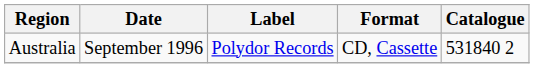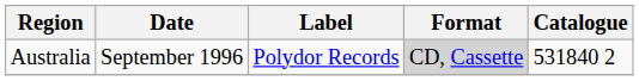 <table class="wikitable">
 <tr>
 <th>Region</th>
 <th>Date</th>
 <th>Label</th>
 <th>Format</th>
 <th>Catalogue</th>
 </tr>
 <tr>
 <td>Australia</td>
 <td>September 1996</td>
 <td><a href='#'>Polydor Records</a></td>
-<td>CD, <a href='#'>Cassette</a></td>
+<td style="background: lightgrey;">CD, <a href='#'>Cassette</a></td>
 <td>531840 2</td>
 </tr>
 <tr>
 </tr>
 </table>
